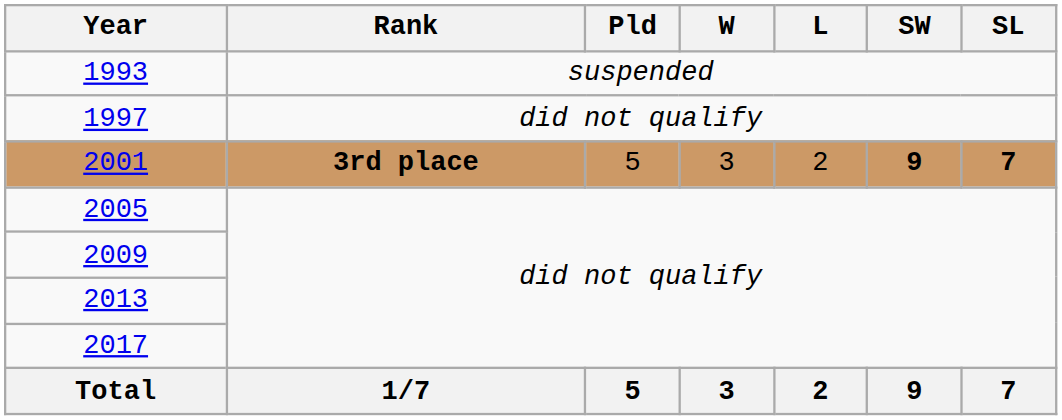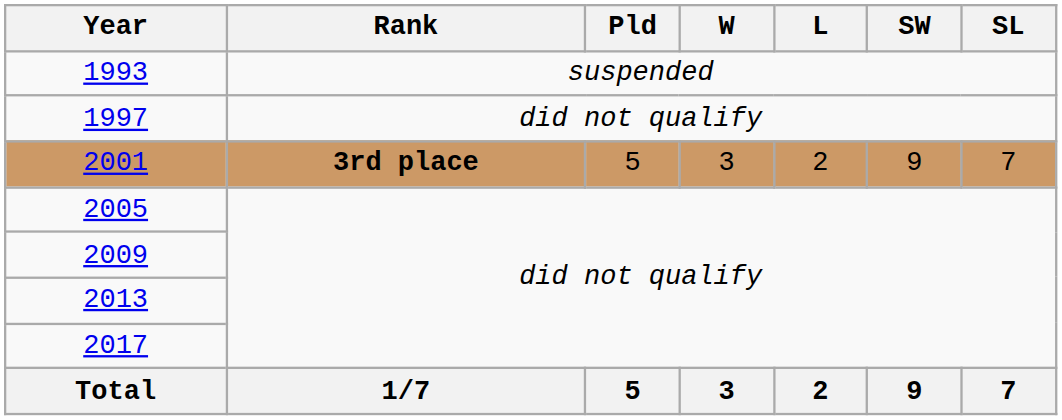 <table class="wikitable" style="text-align: center;font-size:90%;">
 <tr>
 <th width=90>Year</th>
 <th width=150>Rank</th>
 <th width=35>Pld</th>
 <th width=35>W</th>
 <th width=35>L</th>
 <th width=35>SW</th>
 <th width=35>SL</th>
 </tr>
 <tr>
 <td> <a href='#'>1993</a></td>
 <td colspan="7"><em>suspended</em></td>
 </tr>
 <tr '>
 <td> <a href='#'>1997</a></td>
 <td colspan="7"><em>did not qualify</em></td>
 </tr>
 <tr bgcolor=#cc9966>
 <td> <a href='#'>2001</a></td>
 <td><strong>3rd place</strong> </td>
 <td>5</td>
 <td>3</td>
 <td>2</td>
-<td><strong>9</strong></td>
-<td><strong>7</strong></td>
+<td>9</td>
+<td>7</td>
 </tr>
 <tr>
 <td> <a href='#'>2005</a></td>
 <td colspan="7" rowspan=4><em>did not qualify</em></td>
 </tr>
 <tr>
 <td> <a href='#'>2009</a></td>
 </tr>
 <tr>
 <td> <a href='#'>2013</a></td>
 </tr>
 <tr>
 <td> <a href='#'>2017</a></td>
 </tr>
 <tr>
 <th>Total</th>
 <th>1/7</th>
 <th>5</th>
 <th>3</th>
 <th>2</th>
 <th>9</th>
 <th>7</th>
 </tr>
 </table>
